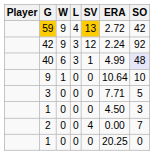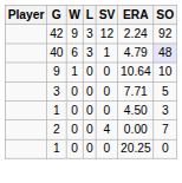 <table class="wikitable sortable">
 <tr>
 <th>Player</th>
 <th>G</th>
 <th>W</th>
 <th>L</th>
 <th>SV</th>
 <th>ERA</th>
 <th>SO</th>
-</tr>
-<tr align="center">
-<td></td>
-<td bgcolor="#FFCC00">59</td>
-<td>9</td>
-<td>4</td>
-<td bgcolor="#FFCC00">13</td>
-<td>2.72</td>
-<td>42</td>
 </tr>
 <tr align="center">
 <td></td>
 <td>42</td>
 <td>9</td>
 <td>3</td>
 <td>12</td>
 <td>2.24</td>
 <td>92</td>
 </tr>
 <tr align="center">
 <td></td>
 <td>40</td>
 <td>6</td>
 <td>3</td>
 <td>1</td>
-<td>4.99</td>
+<td>4.79</td>
 <td style="background: lavender;">48</td>
 </tr>
 <tr align="center">
 <td></td>
 <td>9</td>
 <td>1</td>
 <td>0</td>
 <td>0</td>
 <td>10.64</td>
 <td>10</td>
 </tr>
 <tr align="center">
 <td></td>
 <td>3</td>
 <td>0</td>
 <td>0</td>
 <td>0</td>
 <td>7.71</td>
 <td>5</td>
 </tr>
 <tr align="center">
 <td></td>
 <td>1</td>
 <td>0</td>
 <td>0</td>
 <td>0</td>
 <td>4.50</td>
 <td>3</td>
 </tr>
 <tr align="center">
 <td></td>
 <td>2</td>
 <td>0</td>
 <td>0</td>
 <td>4</td>
 <td>0.00</td>
 <td>7</td>
 </tr>
 <tr align="center">
 <td></td>
 <td>1</td>
 <td>0</td>
 <td>0</td>
 <td>0</td>
 <td>20.25</td>
 <td>0</td>
 </tr>
 </table>
